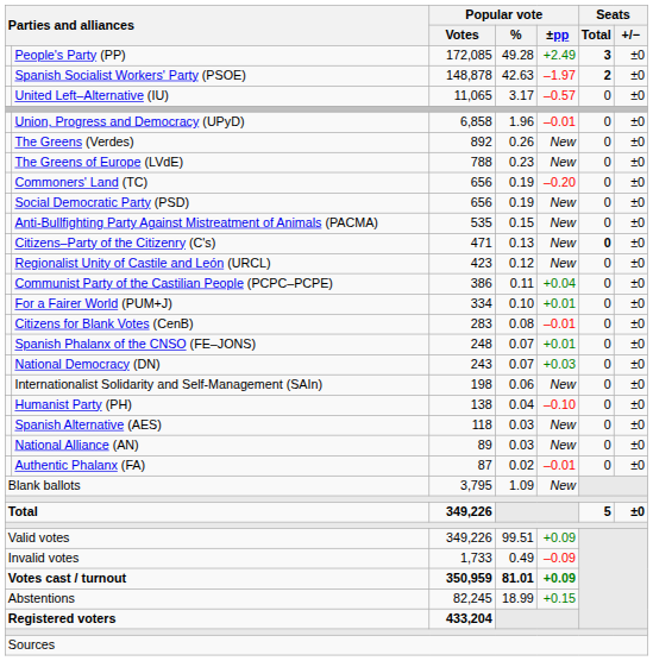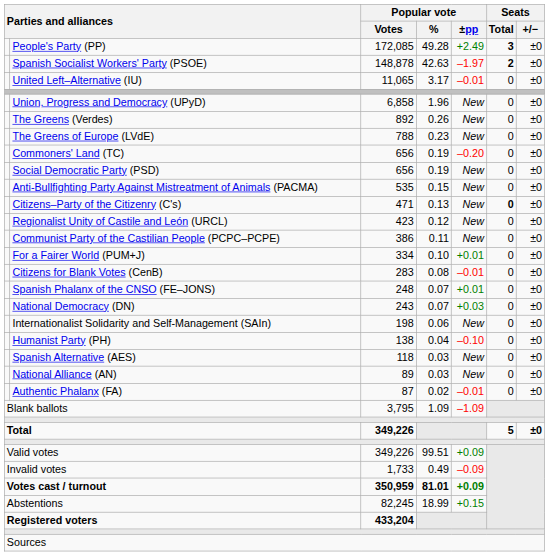 <table class="wikitable" style="text-align:right;">
 <tr>
 <th style="text-align:left;" rowspan="2" colspan="2" width="525">Parties and alliances</th>
 <th colspan="3">Popular vote</th>
 <th colspan="2">Seats</th>
 </tr>
 <tr>
 <th width="75">Votes</th>
 <th width="45">%</th>
 <th width="45">±<a href='#'>pp</a></th>
 <th width="35">Total</th>
 <th width="35">+/−</th>
 </tr>
 <tr>
 <td width="1" style="color:inherit;background:"></td>
 <td align="left"><a href='#'>People's Party</a> (PP)</td>
 <td>172,085</td>
 <td>49.28</td>
 <td style="color:green;">+2.49</td>
 <td><strong>3</strong></td>
 <td>±0</td>
 </tr>
 <tr>
 <td style="color:inherit;background:"></td>
 <td align="left"><a href='#'>Spanish Socialist Workers' Party</a> (PSOE)</td>
 <td>148,878</td>
 <td>42.63</td>
 <td style="color:red;">–1.97</td>
 <td><strong>2</strong></td>
 <td>±0</td>
 </tr>
 <tr>
 <td style="color:inherit;background:"></td>
 <td align="left"><a href='#'>United Left–Alternative</a> (IU)</td>
 <td>11,065</td>
 <td>3.17</td>
-<td style="color:red;">–0.57</td>
+<td style="color:red;">–0.01</td>
 <td>0</td>
 <td>±0</td>
 </tr>
 <tr>
 <td colspan="7" bgcolor="#C0C0C0"></td>
 </tr>
 <tr>
 <td style="color:inherit;background:"></td>
 <td align="left"><a href='#'>Union, Progress and Democracy</a> (UPyD)</td>
 <td>6,858</td>
 <td>1.96</td>
-<td style="color:red;">–0.01</td>
+<td><em>New</em></td>
 <td>0</td>
 <td>±0</td>
 </tr>
 <tr>
 <td style="color:inherit;background:"></td>
 <td align="left"><a href='#'>The Greens</a> (Verdes)</td>
 <td>892</td>
 <td>0.26</td>
 <td><em>New</em></td>
 <td>0</td>
 <td>±0</td>
 </tr>
 <tr>
 <td style="color:inherit;background:"></td>
 <td align="left"><a href='#'>The Greens of Europe</a> (LVdE)</td>
 <td>788</td>
 <td>0.23</td>
 <td><em>New</em></td>
 <td>0</td>
 <td>±0</td>
 </tr>
 <tr>
 <td style="color:inherit;background:"></td>
 <td align="left"><a href='#'>Commoners' Land</a> (TC)</td>
 <td>656</td>
 <td>0.19</td>
 <td style="color:red;">–0.20</td>
 <td>0</td>
 <td>±0</td>
 </tr>
 <tr>
 <td style="color:inherit;background:"></td>
 <td align="left"><a href='#'>Social Democratic Party</a> (PSD)</td>
 <td>656</td>
 <td>0.19</td>
 <td><em>New</em></td>
 <td>0</td>
 <td>±0</td>
 </tr>
 <tr>
 <td style="color:inherit;background:"></td>
 <td align="left"><a href='#'>Anti-Bullfighting Party Against Mistreatment of Animals</a> (PACMA)</td>
 <td>535</td>
 <td>0.15</td>
 <td><em>New</em></td>
 <td>0</td>
 <td>±0</td>
 </tr>
 <tr>
 <td style="color:inherit;background:"></td>
 <td align="left"><a href='#'>Citizens–Party of the Citizenry</a> (C's)</td>
 <td>471</td>
 <td>0.13</td>
 <td><em>New</em></td>
 <td><strong>0</strong></td>
 <td>±0</td>
 </tr>
 <tr>
 <td style="color:inherit;background:"></td>
 <td align="left"><a href='#'>Regionalist Unity of Castile and León</a> (URCL)</td>
 <td>423</td>
 <td>0.12</td>
 <td><em>New</em></td>
 <td>0</td>
 <td>±0</td>
 </tr>
 <tr>
 <td style="color:inherit;background:"></td>
 <td align="left"><a href='#'>Communist Party of the Castilian People</a> (PCPC–PCPE)</td>
 <td>386</td>
 <td>0.11</td>
-<td style="color:green;">+0.04</td>
+<td><em>New</em></td>
 <td>0</td>
 <td>±0</td>
 </tr>
 <tr>
 <td style="color:inherit;background:"></td>
 <td align="left"><a href='#'>For a Fairer World</a> (PUM+J)</td>
 <td>334</td>
 <td>0.10</td>
 <td style="color:green;">+0.01</td>
 <td>0</td>
 <td>±0</td>
 </tr>
 <tr>
 <td style="color:inherit;background:"></td>
 <td align="left"><a href='#'>Citizens for Blank Votes</a> (CenB)</td>
 <td>283</td>
 <td>0.08</td>
 <td style="color:red;">–0.01</td>
 <td>0</td>
 <td>±0</td>
 </tr>
 <tr>
 <td style="color:inherit;background:"></td>
 <td align="left"><a href='#'>Spanish Phalanx of the CNSO</a> (FE–JONS)</td>
 <td>248</td>
 <td>0.07</td>
 <td style="color:green;">+0.01</td>
 <td>0</td>
 <td>±0</td>
 </tr>
 <tr>
 <td style="color:inherit;background:"></td>
 <td align="left"><a href='#'>National Democracy</a> (DN)</td>
 <td>243</td>
 <td>0.07</td>
 <td style="color:green;">+0.03</td>
 <td>0</td>
 <td>±0</td>
 </tr>
 <tr>
 <td style="color:inherit;background:"></td>
 <td align="left">Internationalist Solidarity and Self-Management (SAIn)</td>
 <td>198</td>
 <td>0.06</td>
 <td><em>New</em></td>
 <td>0</td>
 <td>±0</td>
 </tr>
 <tr>
 <td style="color:inherit;background:"></td>
 <td align="left"><a href='#'>Humanist Party</a> (PH)</td>
 <td>138</td>
 <td>0.04</td>
 <td style="color:red;">–0.10</td>
 <td>0</td>
 <td>±0</td>
 </tr>
 <tr>
 <td style="color:inherit;background:"></td>
 <td align="left"><a href='#'>Spanish Alternative</a> (AES)</td>
 <td>118</td>
 <td>0.03</td>
 <td><em>New</em></td>
 <td>0</td>
 <td>±0</td>
 </tr>
 <tr>
 <td style="color:inherit;background:"></td>
 <td align="left"><a href='#'>National Alliance</a> (AN)</td>
 <td>89</td>
 <td>0.03</td>
 <td><em>New</em></td>
 <td>0</td>
 <td>±0</td>
 </tr>
 <tr>
 <td style="color:inherit;background:"></td>
 <td align="left"><a href='#'>Authentic Phalanx</a> (FA)</td>
 <td>87</td>
 <td>0.02</td>
 <td style="color:red;">–0.01</td>
 <td>0</td>
 <td>±0</td>
 </tr>
 <tr>
 <td align="left" colspan="2">Blank ballots</td>
 <td>3,795</td>
 <td>1.09</td>
-<td><em>New</em></td>
+<td style="color:red;">–1.09</td>
 <td bgcolor="#E9E9E9" colspan="2"></td>
 </tr>
 <tr>
 <td colspan="7" bgcolor="#E9E9E9"></td>
 </tr>
 <tr style="font-weight:bold;">
 <td align="left" colspan="2">Total</td>
 <td>349,226</td>
 <td bgcolor="#E9E9E9" colspan="2"></td>
 <td>5</td>
 <td>±0</td>
 </tr>
 <tr>
 <td colspan="7" bgcolor="#E9E9E9"></td>
 </tr>
 <tr>
 <td align="left" colspan="2">Valid votes</td>
 <td>349,226</td>
 <td>99.51</td>
 <td style="color:green;">+0.09</td>
 <td bgcolor="#E9E9E9" colspan="2" rowspan="5"></td>
 </tr>
 <tr>
 <td align="left" colspan="2">Invalid votes</td>
 <td>1,733</td>
 <td>0.49</td>
 <td style="color:red;">–0.09</td>
 </tr>
 <tr style="font-weight:bold;">
 <td align="left" colspan="2">Votes cast / turnout</td>
 <td>350,959</td>
 <td>81.01</td>
 <td style="color:green;">+0.09</td>
 </tr>
 <tr>
 <td align="left" colspan="2">Abstentions</td>
 <td>82,245</td>
 <td>18.99</td>
 <td style="color:green;">+0.15</td>
 </tr>
 <tr style="font-weight:bold;">
 <td align="left" colspan="2">Registered voters</td>
 <td>433,204</td>
 <td bgcolor="#E9E9E9" colspan="2"></td>
 </tr>
 <tr>
 <td colspan="7" bgcolor="#E9E9E9"></td>
 </tr>
 <tr>
 <td align="left" colspan="7">Sources</td>
 </tr>
 </table>
